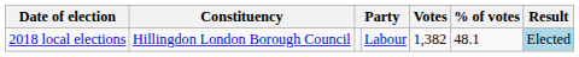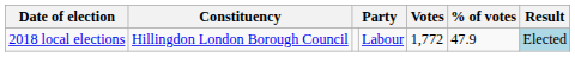 <table class="wikitable">
 <tr>
 <th>Date of election</th>
 <th>Constituency</th>
 <th colspan="2">Party</th>
 <th>Votes</th>
 <th>% of votes</th>
 <th>Result</th>
 </tr>
 <tr>
 <td><a href='#'>2018 local elections</a></td>
 <td><a href='#'>Hillingdon London Borough Council</a></td>
 <td style="background-color: "></td>
 <td><a href='#'>Labour</a></td>
-<td>1,382</td>
-<td>48.1</td>
+<td>1,772</td>
+<td>47.9</td>
 <td style="background: lightblue;">Elected</td>
 </tr>
 </table>
